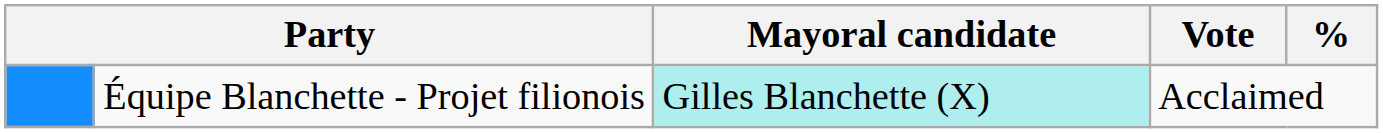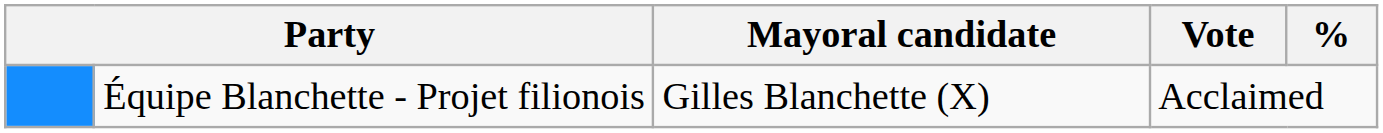 <table class="wikitable">
 <tr>
 <th bgcolor="#DDDDFF" width="230px" colspan="2">Party</th>
 <th bgcolor="#DDDDFF" width="200px">Mayoral candidate</th>
 <th bgcolor="#DDDDFF" width="50px">Vote</th>
 <th bgcolor="#DDDDFF" width="30px">%</th>
 </tr>
 <tr>
 <td bgcolor=#148dfe width="30px"> </td>
 <td>Équipe Blanchette - Projet filionois</td>
-<td style="background: paleturquoise;">Gilles Blanchette (X)</td>
+<td>Gilles Blanchette (X)</td>
 <td colspan="2">Acclaimed</td>
 </tr>
 </table>
